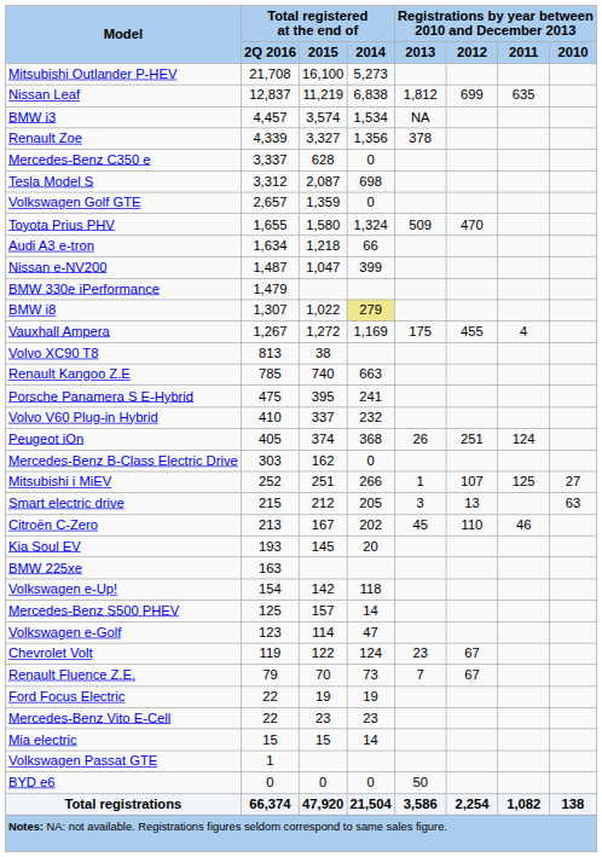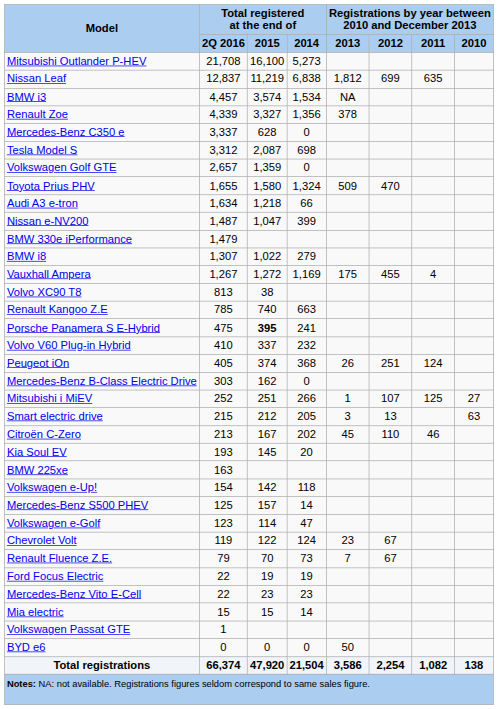 <table class="wikitable">
 <tr>
 <th style="background:#ABCDEF" rowspan="2">Model</th>
 <th colspan="3" style="text-align:center; background:#ABCDEF">Total registered <br>at the end of</th>
 <th colspan="4" style="text-align:center; background:#ABCDEF">Registrations by year between<br> 2010 and December 2013</th>
 </tr>
 <tr>
 <th style="background:#ABCDEF">2Q 2016</th>
 <th style="background:#ABCDEF">2015</th>
 <th style="background:#ABCDEF">2014</th>
 <th style="background:#ABCDEF">2013</th>
 <th style="background:#ABCDEF">2012</th>
 <th style="background:#ABCDEF">2011</th>
 <th style="background:#ABCDEF">2010</th>
 </tr>
 <tr style="text-align:center;">
 <td align="left"><a href='#'>Mitsubishi Outlander P-HEV</a></td>
 <td>21,708</td>
 <td>16,100</td>
 <td>5,273</td>
 <td> </td>
 <td> </td>
 <td> </td>
 <td> </td>
 </tr>
 <tr style="text-align:center;">
 <td align="left"><a href='#'>Nissan Leaf</a></td>
 <td>12,837</td>
 <td>11,219</td>
 <td>6,838</td>
 <td>1,812</td>
 <td>699</td>
 <td>635</td>
 <td> </td>
 </tr>
 <tr style="text-align:center;">
 <td align="left"><a href='#'>BMW i3</a></td>
 <td>4,457</td>
 <td>3,574</td>
 <td>1,534</td>
 <td>NA</td>
 <td> </td>
 <td> </td>
 <td> </td>
 </tr>
 <tr style="text-align:center;">
 <td align="left"><a href='#'>Renault Zoe</a></td>
 <td>4,339</td>
 <td>3,327</td>
 <td>1,356</td>
 <td>378</td>
 <td> </td>
 <td> </td>
 <td> </td>
 </tr>
 <tr style="text-align:center;">
 <td align="left"><a href='#'>Mercedes-Benz C350 e</a></td>
 <td>3,337</td>
 <td>628</td>
 <td>0</td>
 <td> </td>
 <td> </td>
 <td> </td>
 <td> </td>
 </tr>
 <tr style="text-align:center;">
 <td align="left"><a href='#'>Tesla Model S</a></td>
 <td>3,312</td>
 <td>2,087</td>
 <td>698</td>
 <td> </td>
 <td> </td>
 <td> </td>
 <td> </td>
 </tr>
 <tr style="text-align:center;">
 <td align="left"><a href='#'>Volkswagen Golf GTE</a></td>
 <td>2,657</td>
 <td>1,359</td>
 <td>0</td>
 <td> </td>
 <td> </td>
 <td> </td>
 <td> </td>
 </tr>
 <tr style="text-align:center;">
 <td align="left"><a href='#'>Toyota Prius PHV</a></td>
 <td>1,655</td>
 <td>1,580</td>
 <td>1,324</td>
 <td>509</td>
 <td>470</td>
 <td> </td>
 <td> </td>
 </tr>
 <tr style="text-align:center;">
 <td align="left"><a href='#'>Audi A3 e-tron</a></td>
 <td>1,634</td>
 <td>1,218</td>
 <td>66</td>
 <td> </td>
 <td> </td>
 <td> </td>
 <td> </td>
 </tr>
 <tr style="text-align:center;">
 <td align="left"><a href='#'>Nissan e-NV200</a></td>
 <td>1,487</td>
 <td>1,047</td>
 <td>399</td>
 <td> </td>
 <td> </td>
 <td> </td>
 <td> </td>
 </tr>
 <tr style="text-align:center;">
 <td align="left"><a href='#'>BMW 330e iPerformance</a></td>
 <td>1,479</td>
 <td> </td>
 <td> </td>
 <td> </td>
 <td> </td>
 <td> </td>
 <td> </td>
 </tr>
 <tr style="text-align:center;">
 <td align="left"><a href='#'>BMW i8</a></td>
 <td>1,307</td>
 <td>1,022</td>
-<td style="background: khaki;">279</td>
+<td>279</td>
 <td> </td>
 <td> </td>
 <td> </td>
 <td> </td>
 </tr>
 <tr style="text-align:center;">
 <td align="left"><a href='#'>Vauxhall Ampera</a></td>
 <td>1,267</td>
 <td>1,272</td>
 <td>1,169</td>
 <td>175</td>
 <td>455</td>
 <td>4</td>
 <td> </td>
 </tr>
 <tr style="text-align:center;">
 <td align="left"><a href='#'>Volvo XC90 T8</a></td>
 <td>813</td>
 <td>38</td>
 <td> </td>
 <td> </td>
 <td> </td>
 <td> </td>
 <td> </td>
 </tr>
 <tr style="text-align:center;">
 <td align="left"><a href='#'>Renault Kangoo Z.E</a></td>
 <td>785</td>
 <td>740</td>
 <td>663</td>
 <td> </td>
 <td> </td>
 <td> </td>
 <td> </td>
 </tr>
 <tr style="text-align:center;">
 <td align="left"><a href='#'>Porsche Panamera S E-Hybrid</a></td>
 <td>475</td>
-<td>395</td>
+<td><strong>395</strong></td>
 <td>241</td>
 <td> </td>
 <td> </td>
 <td> </td>
 <td> </td>
 </tr>
 <tr style="text-align:center;">
 <td align="left"><a href='#'>Volvo V60 Plug-in Hybrid</a></td>
 <td>410</td>
 <td>337</td>
 <td>232</td>
 <td> </td>
 <td> </td>
 <td> </td>
 <td> </td>
 </tr>
 <tr style="text-align:center;">
 <td align="left"><a href='#'>Peugeot iOn</a></td>
 <td>405</td>
 <td>374</td>
 <td>368</td>
 <td>26</td>
 <td>251</td>
 <td>124</td>
 <td> </td>
 </tr>
 <tr style="text-align:center;">
 <td align="left"><a href='#'>Mercedes-Benz B-Class Electric Drive</a></td>
 <td>303</td>
 <td>162</td>
 <td>0</td>
 <td> </td>
 <td> </td>
 <td> </td>
 <td> </td>
 </tr>
 <tr style="text-align:center;">
 <td align="left"><a href='#'>Mitsubishi i MiEV</a></td>
 <td>252</td>
 <td>251</td>
 <td>266</td>
 <td>1</td>
 <td>107</td>
 <td>125</td>
 <td>27</td>
 </tr>
 <tr style="text-align:center;">
 <td align="left"><a href='#'>Smart electric drive</a></td>
 <td>215</td>
 <td>212</td>
 <td>205</td>
 <td>3</td>
 <td>13</td>
 <td> </td>
 <td>63</td>
 </tr>
 <tr style="text-align:center;">
 <td align="left"><a href='#'>Citroën C-Zero</a></td>
 <td>213</td>
 <td>167</td>
 <td>202</td>
 <td>45</td>
 <td>110</td>
 <td>46</td>
 <td> </td>
 </tr>
 <tr style="text-align:center;">
 <td align="left"><a href='#'>Kia Soul EV</a></td>
 <td>193</td>
 <td>145</td>
 <td>20</td>
 <td> </td>
 <td> </td>
 <td> </td>
 <td> </td>
 </tr>
 <tr style="text-align:center;">
 <td align="left"><a href='#'>BMW 225xe</a></td>
 <td>163</td>
 <td> </td>
 <td> </td>
 <td> </td>
 <td> </td>
 <td> </td>
 <td> </td>
 </tr>
 <tr style="text-align:center;">
 <td align="left"><a href='#'>Volkswagen e-Up!</a></td>
 <td>154</td>
 <td>142</td>
 <td>118</td>
 <td> </td>
 <td> </td>
 <td> </td>
 <td> </td>
 </tr>
 <tr style="text-align:center;">
 <td align="left"><a href='#'>Mercedes-Benz S500 PHEV</a></td>
 <td>125</td>
 <td>157</td>
 <td>14</td>
 <td> </td>
 <td> </td>
 <td> </td>
 <td> </td>
 </tr>
 <tr style="text-align:center;">
 <td align="left"><a href='#'>Volkswagen e-Golf</a></td>
 <td>123</td>
 <td>114</td>
 <td>47</td>
 <td> </td>
 <td> </td>
 <td> </td>
 <td> </td>
 </tr>
 <tr style="text-align:center;">
 <td align="left"><a href='#'>Chevrolet Volt</a></td>
 <td>119</td>
 <td>122</td>
 <td>124</td>
 <td>23</td>
 <td>67</td>
 <td> </td>
 <td> </td>
 </tr>
 <tr style="text-align:center;">
 <td align="left"><a href='#'>Renault Fluence Z.E.</a></td>
 <td>79</td>
 <td>70</td>
 <td>73</td>
 <td>7</td>
 <td>67</td>
 <td> </td>
 <td> </td>
 </tr>
 <tr style="text-align:center;">
 <td align="left"><a href='#'>Ford Focus Electric</a></td>
 <td>22</td>
 <td>19</td>
 <td>19</td>
 <td> </td>
 <td> </td>
 <td> </td>
 <td> </td>
 </tr>
 <tr style="text-align:center;">
 <td align="left"><a href='#'>Mercedes-Benz Vito E-Cell</a></td>
 <td>22</td>
 <td>23</td>
 <td>23</td>
 <td> </td>
 <td> </td>
 <td> </td>
 <td> </td>
 </tr>
 <tr style="text-align:center;">
 <td align="left"><a href='#'>Mia electric</a></td>
 <td>15</td>
 <td>15</td>
 <td>14</td>
 <td> </td>
 <td> </td>
 <td> </td>
 <td> </td>
 </tr>
 <tr style="text-align:center;">
 <td align="left"><a href='#'>Volkswagen Passat GTE</a></td>
 <td>1</td>
 <td> </td>
 <td> </td>
 <td> </td>
 <td> </td>
 <td> </td>
 <td> </td>
 </tr>
 <tr style="text-align:center;">
 <td align=left><a href='#'>BYD e6</a></td>
 <td>0</td>
 <td>0</td>
 <td>0</td>
 <td>50</td>
 <td> </td>
 <td> </td>
 <td> </td>
 </tr>
 <tr style="text-align:center;">
 <th align=left style="background:#f1f5fa;">Total registrations</th>
 <th style="background:#f1f5fa;">66,374</th>
 <th style="background:#f1f5fa;">47,920</th>
 <th style="background:#f1f5fa;">21,504</th>
 <th style="background:#f1f5fa;">3,586</th>
 <th style="background:#f1f5fa;">2,254</th>
 <th style="background:#f1f5fa;">1,082</th>
 <th style="background:#f1f5fa;">138</th>
 </tr>
 <tr>
 <td colspan="8" style="text-align:left; background:#ABCDEF"><small><strong>Notes:</strong> NA: not available.  Registrations figures seldom correspond to same sales figure.<br><br></small></td>
 </tr>
 </table>
